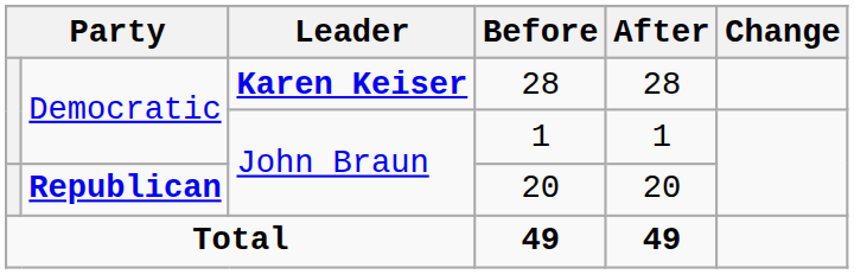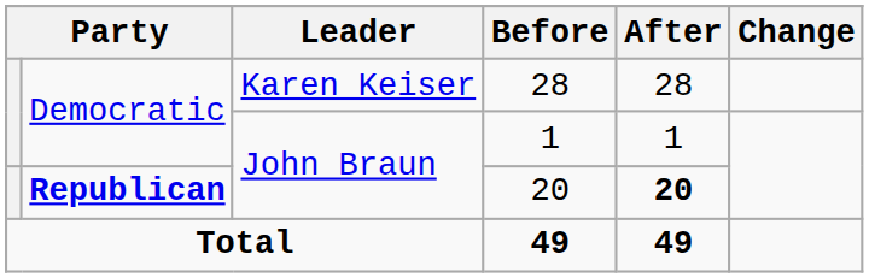 <table class="wikitable" style="text-align:center;">
 <tr>
 </tr>
 <tr>
 <th colspan=2>Party</th>
 <th>Leader</th>
 <th>Before</th>
 <th>After</th>
 <th>Change</th>
 </tr>
 <tr>
 <th rowspan=2 style="background-color:"></th>
 <td rowspan=2 style="text-align:left;"><a href='#'>Democratic</a></td>
-<td style="text-align:left;"><strong><a href='#'>Karen Keiser</a></strong></td>
+<td style="text-align:left;"><a href='#'>Karen Keiser</a></td>
 <td>28</td>
 <td>28</td>
 <td></td>
 </tr>
 <tr>
 <td rowspan=2 style="text-align:left;"><a href='#'>John Braun</a></td>
 <td>1</td>
 <td>1</td>
 <td rowspan=2></td>
 </tr>
 <tr>
 <th style="background-color:"></th>
 <td style="text-align:left;"><strong><a href='#'>Republican</a></strong></td>
 <td>20</td>
-<td>20</td>
+<td><strong>20</strong></td>
 </tr>
 <tr>
 <td colspan=3><strong>Total</strong></td>
 <td><strong>49</strong></td>
 <td><strong>49</strong></td>
 <td></td>
 </tr>
 </table>
